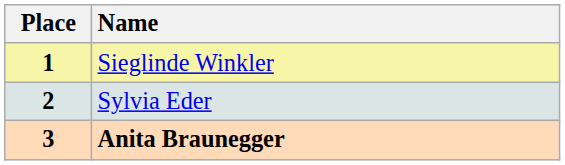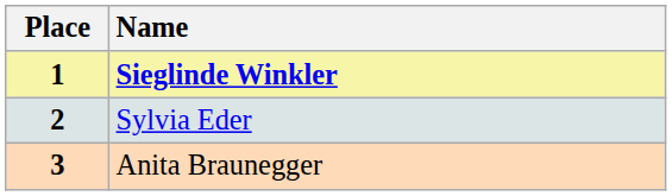 <table class="wikitable" style="text-align:center">
 <tr>
 <th width="50">Place</th>
 <th width="300" style="text-align:left">Name</th>
 </tr>
 <tr bgcolor="#F7F6A8">
 <td><strong>1</strong></td>
-<td align="left"><a href='#'>Sieglinde Winkler</a></td>
+<td align="left"><strong><a href='#'>Sieglinde Winkler</a></strong></td>
 </tr>
 <tr bgcolor="#DCE5E5">
 <td><strong>2</strong></td>
 <td align="left"><a href='#'>Sylvia Eder</a></td>
 </tr>
 <tr bgcolor="#FFDAB9">
 <td><strong>3</strong></td>
-<td align="left"><strong>Anita Braunegger</strong></td>
+<td align="left">Anita Braunegger</td>
 </tr>
 </table>
